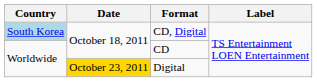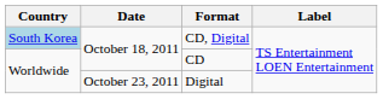 <table class="wikitable">
 <tr>
 <th>Country</th>
 <th>Date</th>
 <th>Format</th>
 <th>Label</th>
 </tr>
 <tr>
 <td rowspan="1" style="background: lightblue;"><a href='#'>South Korea</a></td>
 <td rowspan="2">October 18, 2011</td>
 <td rowspan="1">CD, <a href='#'>Digital</a></td>
 <td rowspan="3"><a href='#'>TS Entertainment</a><br><a href='#'>LOEN Entertainment</a></td>
 </tr>
 <tr>
 <td rowspan="2">Worldwide</td>
 <td>CD</td>
 </tr>
 <tr>
-<td rowspan="1" style="background: gold;">October 23, 2011</td>
+<td rowspan="1">October 23, 2011</td>
 <td>Digital</td>
 </tr>
 </table>
